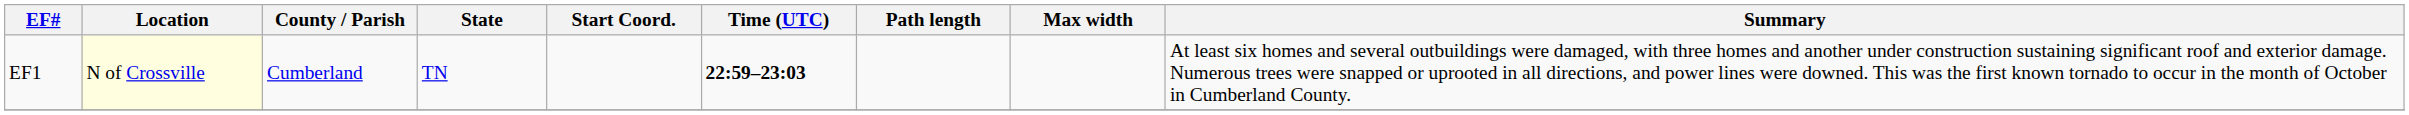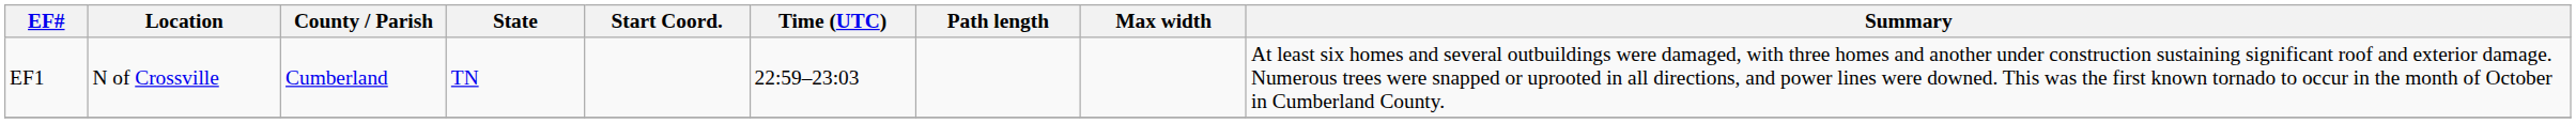 <table class="wikitable sortable" style="width:100%;">
 <tr>
 <th scope="col"  style="width:3%; text-align:center;"><a href='#'>EF#</a></th>
 <th scope="col"  style="width:7%; text-align:center;" class="unsortable">Location</th>
 <th scope="col"  style="width:6%; text-align:center;" class="unsortable">County / Parish</th>
 <th scope="col"  style="width:5%; text-align:center;">State</th>
 <th scope="col"  style="width:6%; text-align:center;">Start Coord.</th>
 <th scope="col"  style="width:6%; text-align:center;">Time (<a href='#'>UTC</a>)</th>
 <th scope="col"  style="width:6%; text-align:center;">Path length</th>
 <th scope="col"  style="width:6%; text-align:center;">Max width</th>
 <th scope="col" class="unsortable" style="width:48%; text-align:center;">Summary</th>
 </tr>
 <tr>
 <td>EF1</td>
-<td style="background: lightyellow;">N of <a href='#'>Crossville</a></td>
+<td>N of <a href='#'>Crossville</a></td>
 <td><a href='#'>Cumberland</a></td>
 <td><a href='#'>TN</a></td>
 <td></td>
-<td><strong>22:59–23:03</strong></td>
+<td>22:59–23:03</td>
 <td></td>
 <td></td>
 <td>At least six homes and several outbuildings were damaged, with three homes and another under construction sustaining significant roof and exterior damage. Numerous trees were snapped or uprooted in all directions, and power lines were downed. This was the first known tornado to occur in the month of October in Cumberland County.</td>
 </tr>
 <tr>
 </tr>
 </table>
